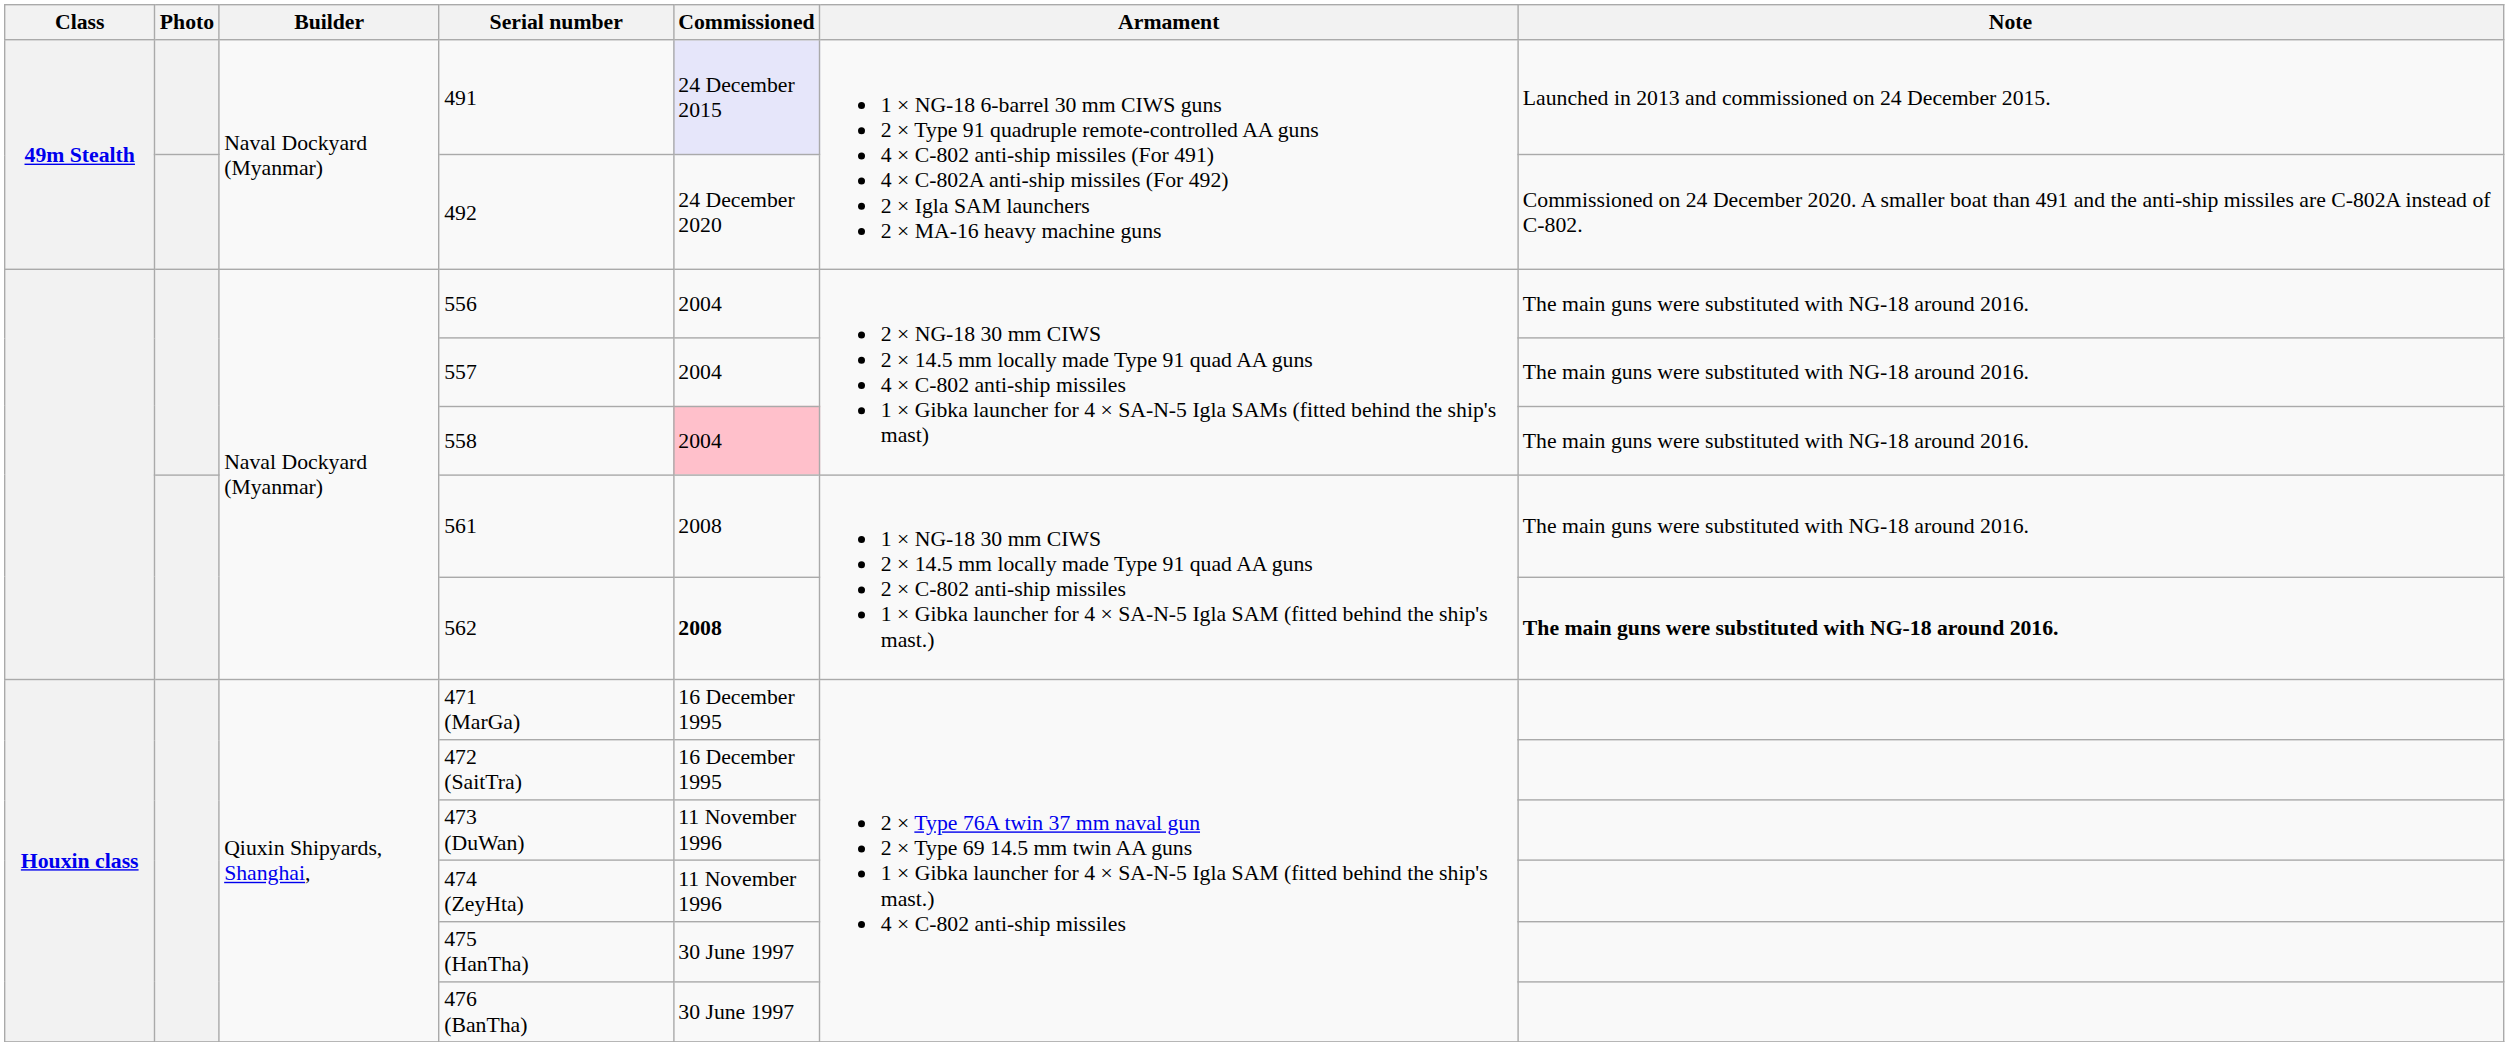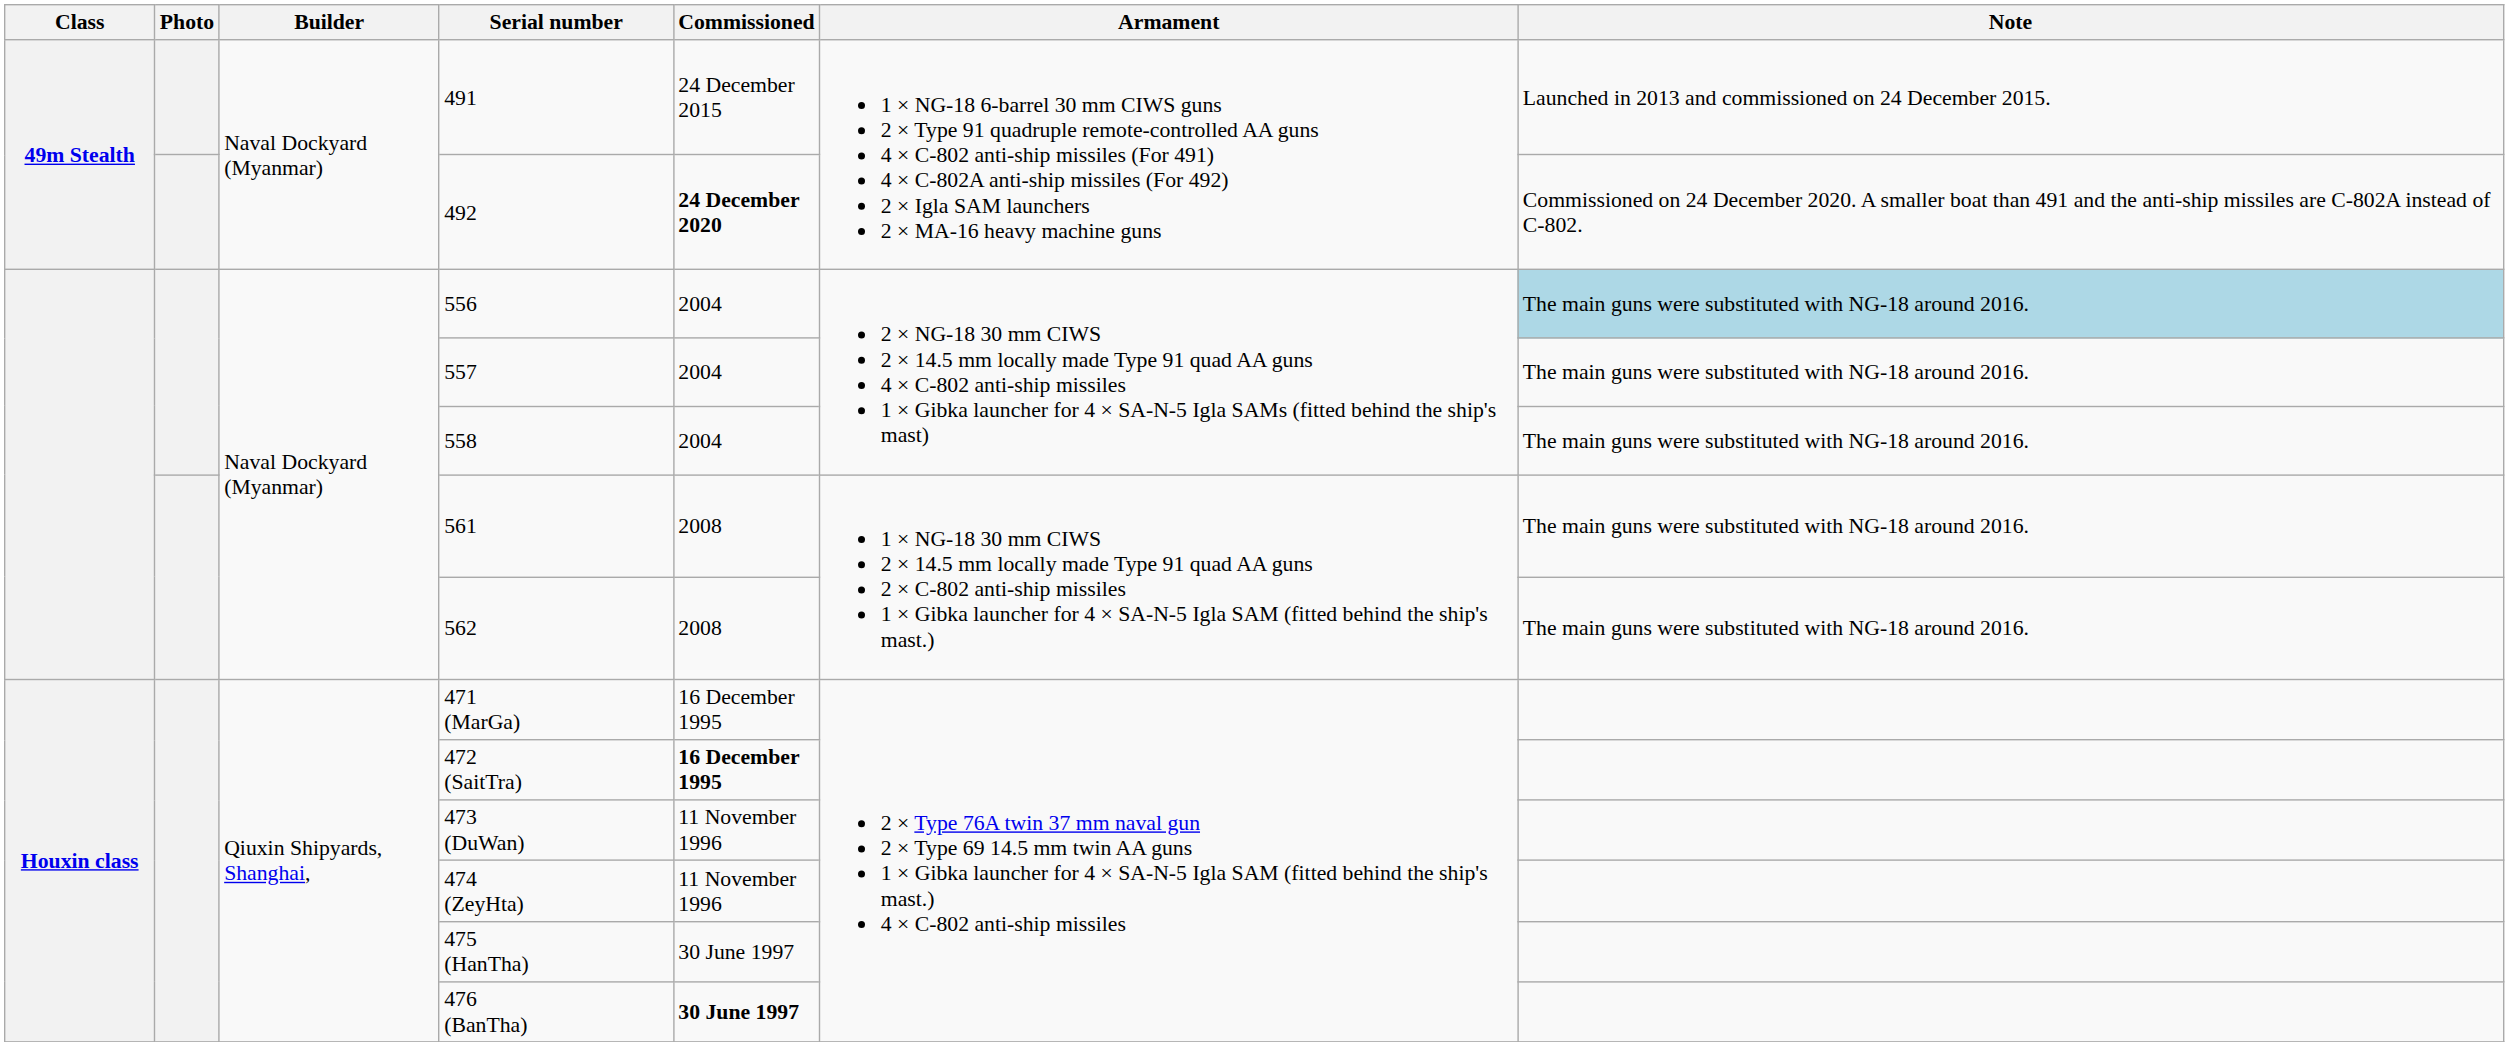 <table class="wikitable" style="font-size:97%; width:90%">
 <tr>
 <th width="100">Class</th>
 <th>Photo</th>
 <th width="150">Builder</th>
 <th width="160">Serial number</th>
 <th width="50">Commissioned</th>
 <th>Armament</th>
 <th>Note</th>
 </tr>
 <tr>
 <th rowspan="2"><a href='#'>49m Stealth</a></th>
 <th rowspan="1"></th>
 <td rowspan="2">Naval Dockyard (Myanmar) </td>
 <td>491</td>
-<td style="background: lavender;">24 December 2015</td>
+<td>24 December 2015</td>
 <td rowspan="2"><br><ul><li>1 × NG-18 6-barrel 30 mm CIWS guns</li><li>2 × Type 91 quadruple remote-controlled AA guns</li><li>4 × C-802 anti-ship missiles (For 491)</li><li>4 × C-802A anti-ship missiles (For 492)</li><li>2 × Igla SAM launchers</li><li>2 × MA-16 heavy machine guns</li></ul></td>
 <td>Launched in 2013 and commissioned on 24 December 2015.</td>
 </tr>
 <tr>
 <th rowspan="1"></th>
 <td>492</td>
-<td>24 December 2020</td>
+<td><strong>24 December 2020</strong></td>
 <td>Commissioned on 24 December 2020. A smaller boat than 491 and the anti-ship missiles are C-802A instead of C-802.</td>
 </tr>
 <tr>
 <th rowspan="5"></th>
 <th rowspan="3"></th>
 <td rowspan="5">Naval Dockyard (Myanmar) </td>
 <td>556</td>
 <td>2004</td>
 <td rowspan="3"><br><ul><li>2 × NG-18 30 mm CIWS</li><li>2 × 14.5 mm locally made Type 91 quad AA guns</li><li>4 × C-802 anti-ship missiles</li><li>1 × Gibka launcher for 4 × SA-N-5 Igla SAMs (fitted behind the ship's mast)</li></ul></td>
-<td>The main guns were substituted with NG-18 around 2016.</td>
+<td style="background: lightblue;">The main guns were substituted with NG-18 around 2016.</td>
 </tr>
 <tr>
 <td>557</td>
 <td>2004</td>
 <td>The main guns were substituted with NG-18 around 2016.</td>
 </tr>
 <tr>
 <td>558</td>
-<td style="background: pink;">2004</td>
+<td>2004</td>
 <td>The main guns were substituted with NG-18 around 2016.</td>
 </tr>
 <tr>
 <th rowspan="2"></th>
 <td>561</td>
 <td>2008</td>
 <td rowspan="2"><br><ul><li>1 × NG-18 30 mm CIWS</li><li>2 × 14.5 mm locally made Type 91 quad AA guns</li><li>2 × C-802 anti-ship missiles</li><li>1 × Gibka launcher for 4 × SA-N-5 Igla SAM (fitted behind the ship's mast.)</li></ul></td>
 <td>The main guns were substituted with NG-18 around 2016.</td>
 </tr>
 <tr>
 <td>562</td>
-<td><strong>2008</strong></td>
-<td><strong>The main guns were substituted with NG-18 around 2016.</strong></td>
+<td>2008</td>
+<td>The main guns were substituted with NG-18 around 2016.</td>
 </tr>
 <tr>
 <th rowspan="6"><a href='#'>Houxin class</a></th>
 <th rowspan="6"></th>
 <td rowspan="6">Qiuxin Shipyards, <a href='#'>Shanghai</a>, </td>
 <td>471<br>(MarGa)</td>
 <td>16 December 1995</td>
 <td rowspan="6"><br><ul><li>2 × <a href='#'>Type 76A twin 37 mm naval gun</a></li><li>2 × Type 69 14.5 mm twin AA guns</li><li>1 × Gibka launcher for 4 × SA-N-5 Igla SAM (fitted behind the ship's mast.)</li><li>4 × C-802 anti-ship missiles</li></ul></td>
 <td></td>
 </tr>
 <tr>
 <td>472<br>(SaitTra)</td>
-<td>16 December 1995</td>
+<td><strong>16 December 1995</strong></td>
 <td></td>
 </tr>
 <tr>
 <td>473<br>(DuWan)</td>
 <td>11 November 1996</td>
 <td></td>
 </tr>
 <tr>
 <td>474<br>(ZeyHta)</td>
 <td>11 November 1996</td>
 <td></td>
 </tr>
 <tr>
 <td>475<br>(HanTha)</td>
 <td>30 June 1997</td>
 <td></td>
 </tr>
 <tr>
 <td>476<br>(BanTha)</td>
-<td>30 June 1997</td>
+<td><strong>30 June 1997</strong></td>
 <td></td>
 </tr>
 <tr>
 </tr>
 </table>
